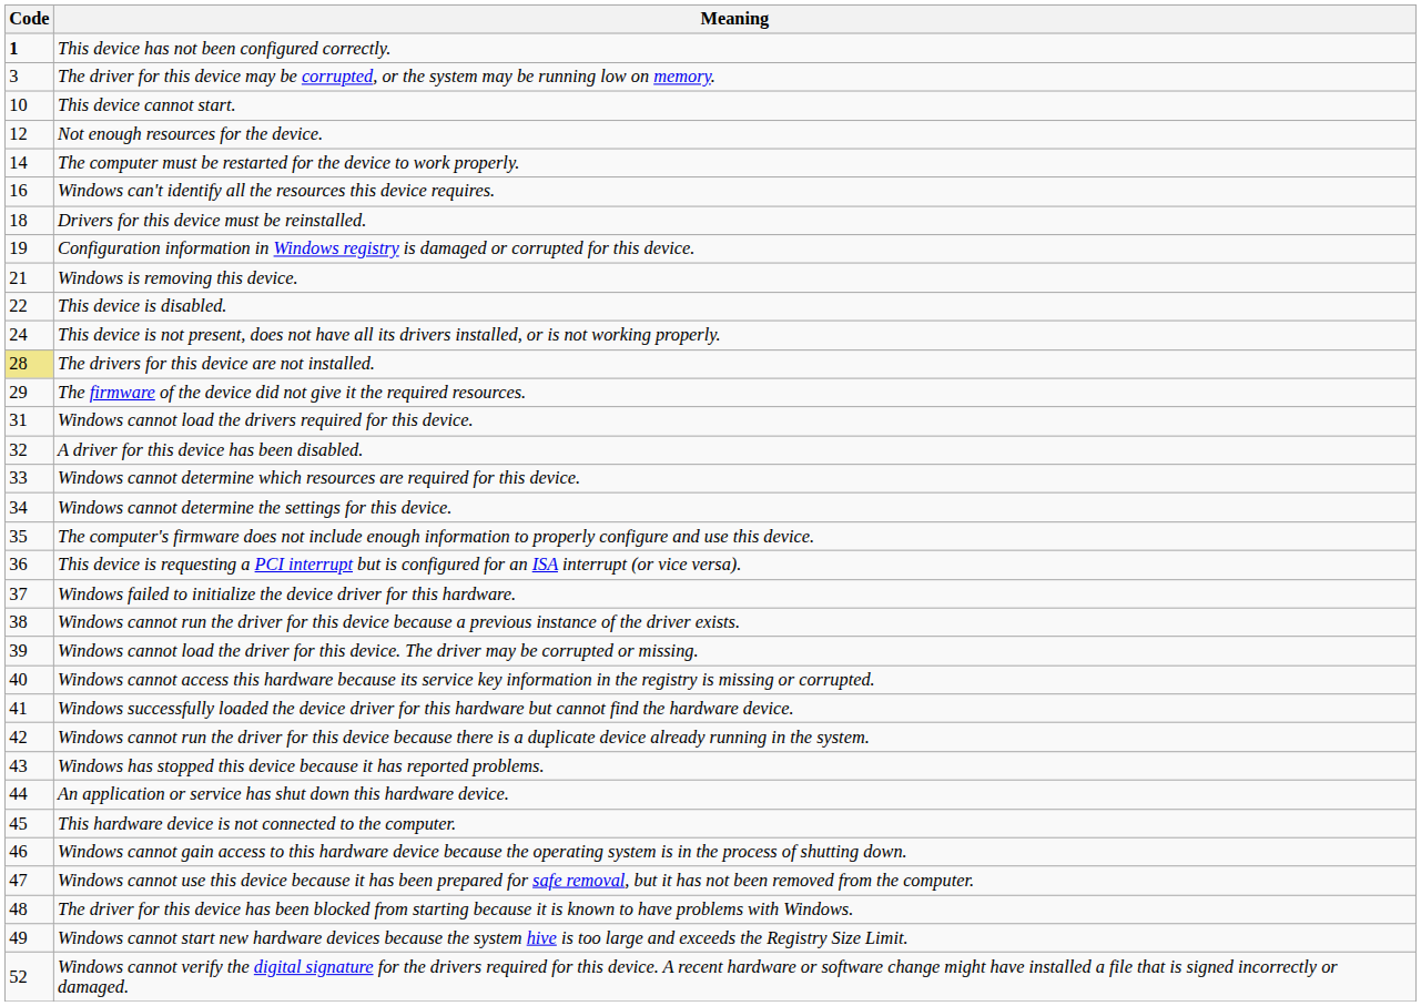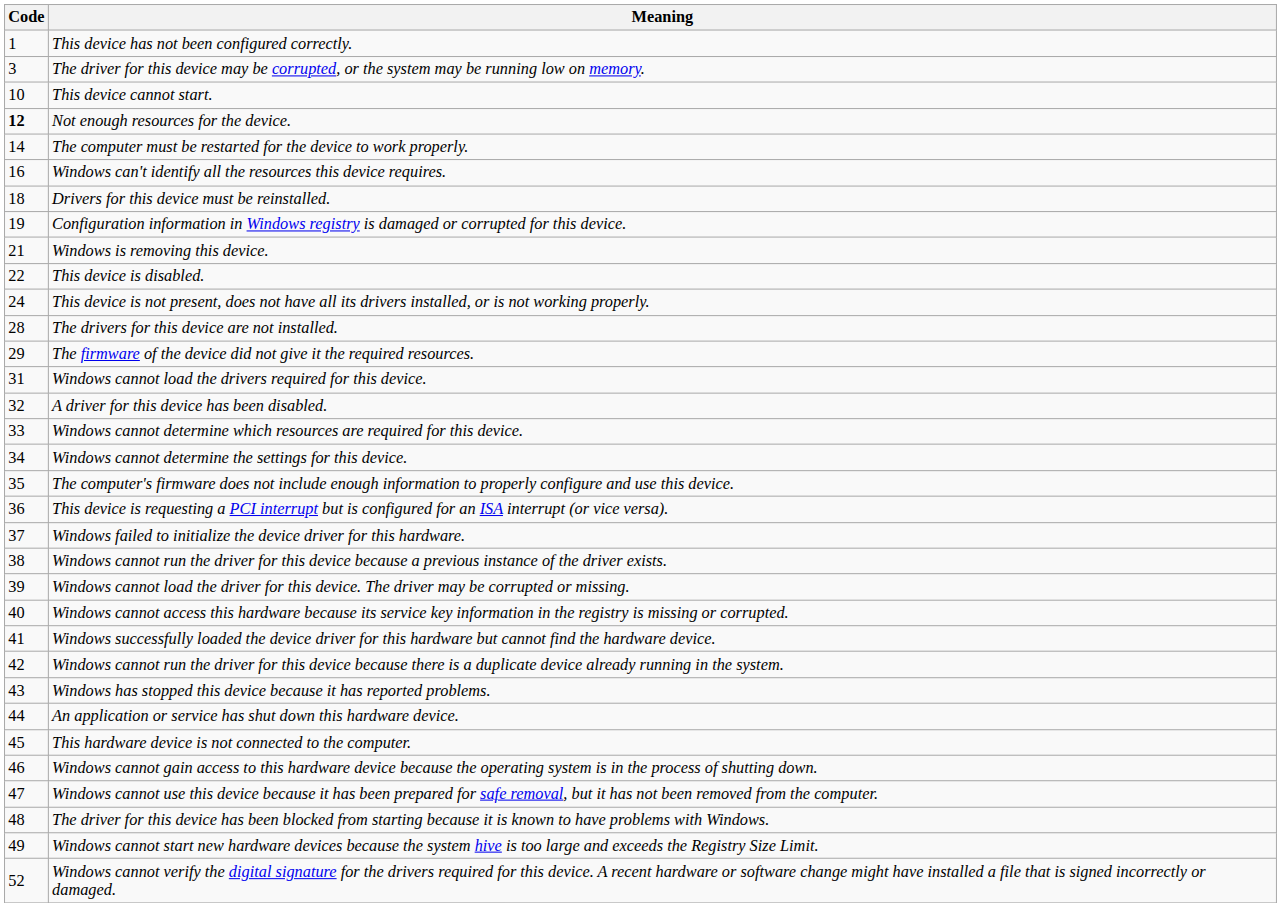 <table class="wikitable">
 <tr>
 <th>Code</th>
 <th>Meaning</th>
 </tr>
 <tr>
-<td><strong>1</strong></td>
+<td>1</td>
 <td><em>This device has not been configured correctly.</em></td>
 </tr>
 <tr>
 <td>3</td>
 <td><em>The driver for this device may be <a href='#'>corrupted</a>, or the system may be running low on <a href='#'>memory</a>.</em></td>
 </tr>
 <tr>
 <td>10</td>
 <td><em>This device cannot start.</em></td>
 </tr>
 <tr>
-<td>12</td>
+<td><strong>12</strong></td>
 <td><em>Not enough resources for the device.</em></td>
 </tr>
 <tr>
 <td>14</td>
 <td><em> The computer must be restarted for the device to work properly.</em></td>
 </tr>
 <tr>
 <td>16</td>
 <td><em>Windows can't identify all the resources this device requires.</em></td>
 </tr>
 <tr>
 <td>18</td>
 <td><em>Drivers for this device must be reinstalled.</em></td>
 </tr>
 <tr>
 <td>19</td>
 <td><em>Configuration information in <a href='#'>Windows registry</a> is damaged or corrupted for this device.</em></td>
 </tr>
 <tr>
 <td>21</td>
 <td><em>Windows is removing this device.</em></td>
 </tr>
 <tr>
 <td>22</td>
 <td><em>This device is disabled.</em></td>
 </tr>
 <tr>
 <td>24</td>
 <td><em>This device is not present, does not have all its drivers installed, or is not working properly.</em></td>
 </tr>
 <tr>
-<td style="background: khaki;">28</td>
+<td>28</td>
 <td><em>The drivers for this device are not installed.</em></td>
 </tr>
 <tr>
 <td>29</td>
 <td><em>The <a href='#'>firmware</a> of the device did not give it the required resources.</em></td>
 </tr>
 <tr>
 <td>31</td>
 <td><em>Windows cannot load the drivers required for this device.</em></td>
 </tr>
 <tr>
 <td>32</td>
 <td><em>A driver for this device has been disabled.</em></td>
 </tr>
 <tr>
 <td>33</td>
 <td><em>Windows cannot determine which resources are required for this device.</em></td>
 </tr>
 <tr>
 <td>34</td>
 <td><em> Windows cannot determine the settings for this device.</em></td>
 </tr>
 <tr>
 <td>35</td>
 <td><em>The computer's firmware does not include enough information to properly configure and use this device.</em></td>
 </tr>
 <tr>
 <td>36</td>
 <td><em>This device is requesting a <a href='#'>PCI interrupt</a> but is configured for an <a href='#'>ISA</a> interrupt (or vice versa).</em></td>
 </tr>
 <tr>
 <td>37</td>
 <td><em>Windows failed to initialize the device driver for this hardware.</em></td>
 </tr>
 <tr>
 <td>38</td>
 <td><em>Windows cannot run the driver for this device because a previous instance of the driver exists.</em></td>
 </tr>
 <tr>
 <td>39</td>
 <td><em>Windows cannot load the driver for this device. The driver may be corrupted or missing.</em></td>
 </tr>
 <tr>
 <td>40</td>
 <td><em>Windows cannot access this hardware because its service key information in the registry is missing or corrupted.</em></td>
 </tr>
 <tr>
 <td>41</td>
 <td><em>Windows successfully loaded the device driver for this hardware but cannot find the hardware device.</em></td>
 </tr>
 <tr>
 <td>42</td>
 <td><em>Windows cannot run the driver for this device because there is a duplicate device already running in the system.</em></td>
 </tr>
 <tr>
 <td>43</td>
 <td><em>Windows has stopped this device because it has reported problems.</em></td>
 </tr>
 <tr>
 <td>44</td>
 <td><em>An application or service has shut down this hardware device.</em></td>
 </tr>
 <tr>
 <td>45</td>
 <td><em>This hardware device is not connected to the computer.</em></td>
 </tr>
 <tr>
 <td>46</td>
 <td><em>Windows cannot gain access to this hardware device because the operating system is in the process of shutting down.</em></td>
 </tr>
 <tr>
 <td>47</td>
 <td><em>Windows cannot use this device because it has been prepared for <a href='#'>safe removal</a>, but it has not been removed from the computer.</em></td>
 </tr>
 <tr>
 <td>48</td>
 <td><em>The driver for this device has been blocked from starting because it is known to have problems with Windows.</em></td>
 </tr>
 <tr>
 <td>49</td>
 <td><em>Windows cannot start new hardware devices because the system <a href='#'>hive</a> is too large and exceeds the Registry Size Limit.</em></td>
 </tr>
 <tr>
 <td>52</td>
 <td><em> Windows cannot verify the <a href='#'>digital signature</a> for the drivers required for this device. A recent hardware or software change might have installed a file that is signed incorrectly or damaged.</em></td>
 </tr>
 <tr>
 </tr>
 </table>
